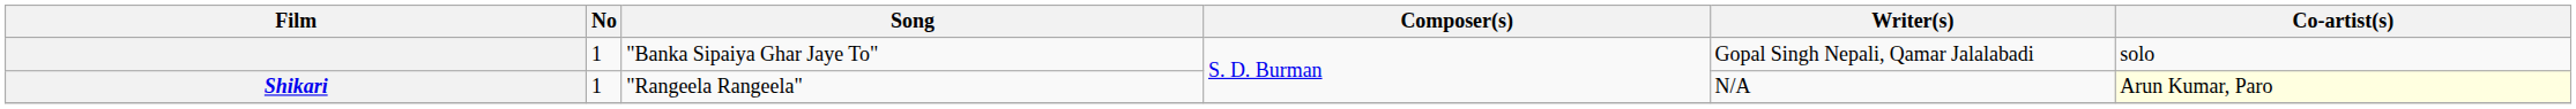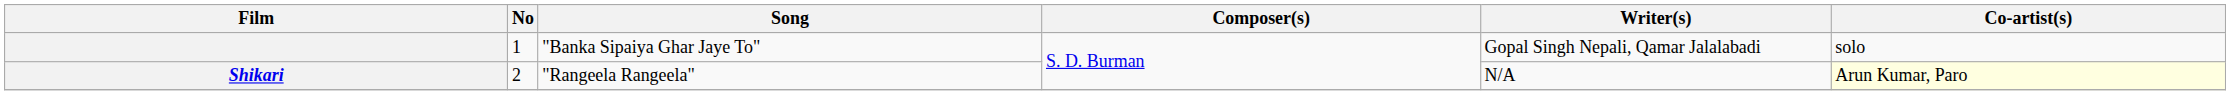 <table class="wikitable plainrowheaders" width="100%" textcolor:#000;">
 <tr style="background:#b0e0e66;">
 <th scope="col" width=23%>Film</th>
 <th><strong>No</strong></th>
 <th scope="col" width=23%>Song</th>
 <th scope="col" width=20%>Composer(s)</th>
 <th scope="col" width=16%>Writer(s)</th>
 <th scope="col" width=18%>Co-artist(s)</th>
 </tr>
 <tr>
 <th><em></em></th>
 <td>1</td>
 <td>"Banka Sipaiya Ghar Jaye To"</td>
 <td rowspan=2><a href='#'>S. D. Burman</a></td>
 <td>Gopal Singh Nepali, Qamar Jalalabadi</td>
 <td>solo</td>
 </tr>
 <tr>
 <th><em><a href='#'>Shikari</a></em></th>
-<td>1</td>
+<td>2</td>
 <td>"Rangeela Rangeela"</td>
 <td>N/A</td>
 <td style="background: lightyellow;">Arun Kumar, Paro</td>
 </tr>
 <tr>
 </tr>
 </table>
